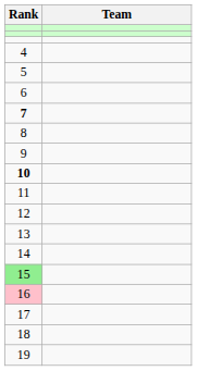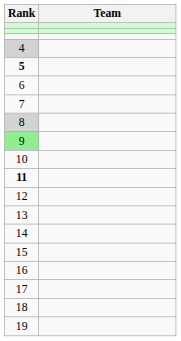 <table class="wikitable" style="text-align: center;">
 <tr>
 <th width=40>Rank</th>
 <th width=180>Team</th>
 </tr>
 <tr bgcolor=#CCFFCC>
 <td></td>
 <td style="text-align:left;"></td>
 </tr>
 <tr bgcolor=#CCFFCC>
 <td></td>
 <td style="text-align:left;"></td>
 </tr>
 <tr>
 <td></td>
 <td style="text-align:left;"></td>
 </tr>
 <tr>
-<td>4</td>
+<td style="background: lightgrey;">4</td>
 <td style="text-align:left;"></td>
 </tr>
 <tr>
-<td>5</td>
+<td><strong>5</strong></td>
 <td style="text-align:left;"></td>
 </tr>
 <tr>
 <td>6</td>
 <td style="text-align:left;"></td>
 </tr>
 <tr>
-<td><strong>7</strong></td>
+<td>7</td>
 <td style="text-align:left;"></td>
 </tr>
 <tr>
-<td>8</td>
+<td style="background: lightgrey;">8</td>
 <td style="text-align:left;"></td>
 </tr>
 <tr>
-<td>9</td>
+<td style="background: lightgreen;">9</td>
 <td style="text-align:left;"></td>
 </tr>
 <tr>
-<td><strong>10</strong></td>
+<td>10</td>
 <td style="text-align:left;"></td>
 </tr>
 <tr>
-<td>11</td>
+<td><strong>11</strong></td>
 <td style="text-align:left;"></td>
 </tr>
 <tr>
 <td>12</td>
 <td style="text-align:left;"></td>
 </tr>
 <tr>
 <td>13</td>
 <td style="text-align:left;"></td>
 </tr>
 <tr>
 <td>14</td>
 <td style="text-align:left;"></td>
 </tr>
 <tr>
-<td style="background: lightgreen;">15</td>
+<td>15</td>
 <td style="text-align:left;"></td>
 </tr>
 <tr>
-<td style="background: pink;">16</td>
+<td>16</td>
 <td style="text-align:left;"></td>
 </tr>
 <tr>
 <td>17</td>
 <td style="text-align:left;"></td>
 </tr>
 <tr>
 <td>18</td>
 <td style="text-align:left;"></td>
 </tr>
 <tr>
 <td>19</td>
 <td style="text-align:left;"></td>
 </tr>
 </table>
